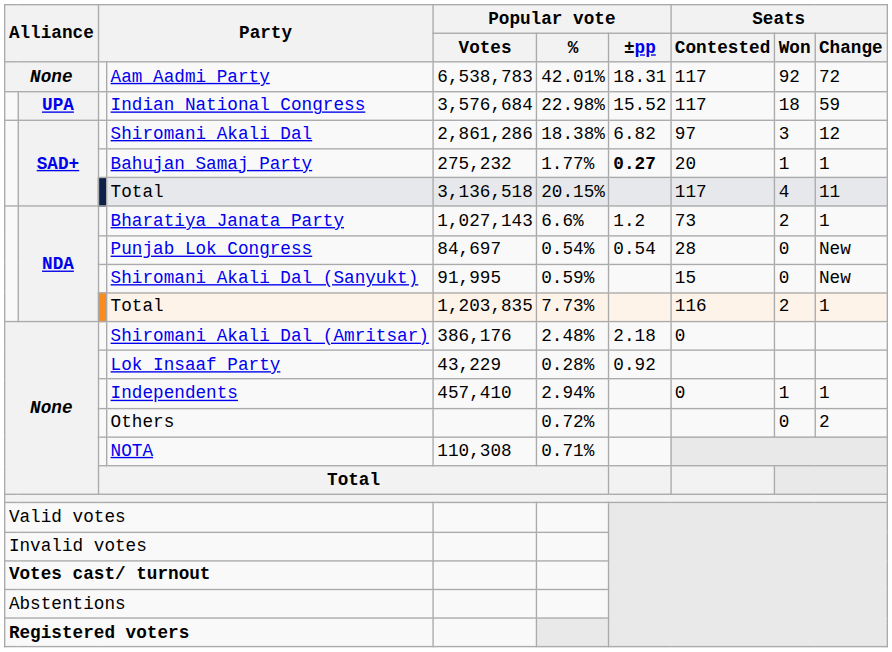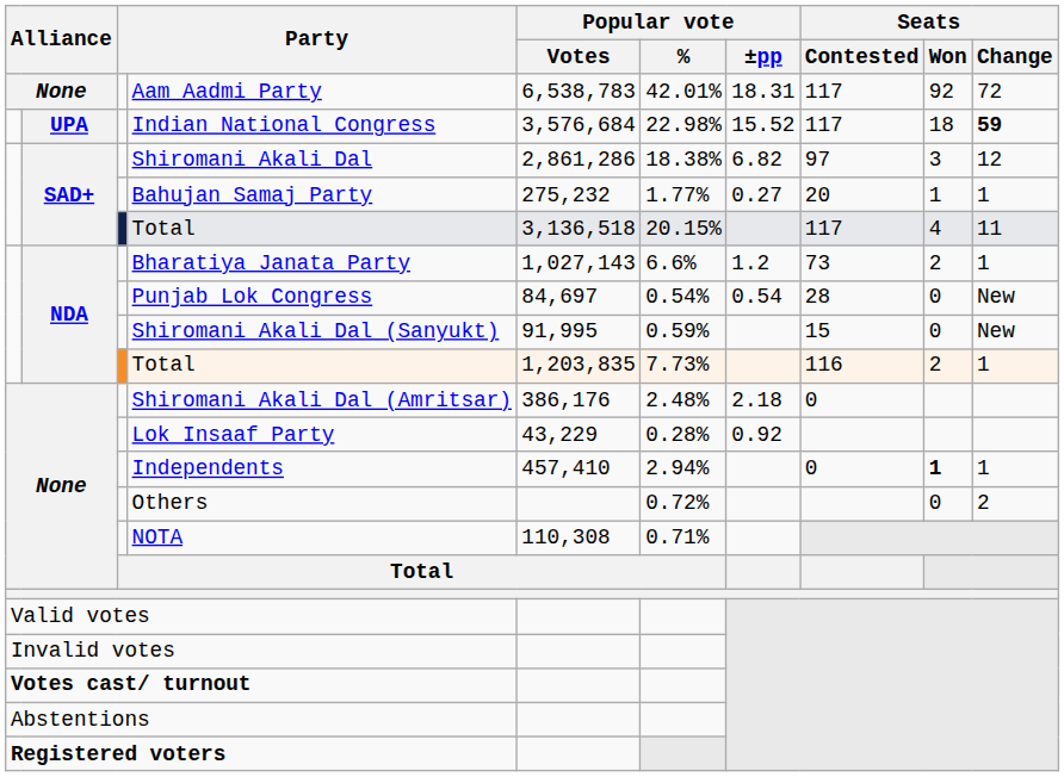 <table class="wikitable sortable">
 <tr>
 <th colspan="2" rowspan="2">Alliance</th>
 <th colspan="2" rowspan="2">Party</th>
 <th colspan="3">Popular vote</th>
 <th colspan="3">Seats</th>
 </tr>
 <tr>
 <th>Votes</th>
 <th>%</th>
 <th>±<a href='#'>pp</a></th>
 <th>Contested</th>
 <th>Won </th>
 <th>Change</th>
 </tr>
 <tr>
 <th colspan="2"><em>None</em></th>
 <td></td>
 <td><a href='#'>Aam Aadmi Party</a> </td>
 <td>6,538,783</td>
 <td>42.01%</td>
 <td>18.31</td>
 <td>117</td>
 <td>92</td>
 <td> 72</td>
 </tr>
 <tr>
 <td></td>
 <th><a href='#'>UPA</a></th>
 <td></td>
 <td><a href='#'>Indian National Congress</a></td>
 <td>3,576,684</td>
 <td>22.98%</td>
 <td>15.52</td>
 <td>117</td>
 <td>18</td>
-<td> 59</td>
+<td><strong> 59</strong></td>
 </tr>
 <tr>
 <td rowspan="3"></td>
 <th rowspan="3"><a href='#'>SAD+</a></th>
 <td></td>
 <td><a href='#'>Shiromani Akali Dal</a></td>
 <td>2,861,286</td>
 <td>18.38%</td>
 <td>6.82</td>
 <td>97</td>
 <td>3</td>
 <td> 12</td>
 </tr>
 <tr>
 <td></td>
 <td><a href='#'>Bahujan Samaj Party</a></td>
 <td>275,232</td>
 <td>1.77%</td>
-<td><strong>0.27</strong></td>
+<td>0.27</td>
 <td>20</td>
 <td>1</td>
 <td> 1</td>
 </tr>
 <tr>
 <td style="background:#0F204A"></td>
 <td style="background:#e7e8ec">Total</td>
 <td style="background:#e7e8ec">3,136,518</td>
 <td style="background:#e7e8ec">20.15%</td>
 <td style="background:#e7e8ec"></td>
 <td style="background:#e7e8ec">117</td>
 <td style="background:#e7e8ec">4</td>
 <td style="background:#e7e8ec"> 11</td>
 </tr>
 <tr>
 <td rowspan="4"></td>
 <th rowspan="4"><a href='#'>NDA</a></th>
 <td></td>
 <td><a href='#'>Bharatiya Janata Party</a> </td>
 <td>1,027,143</td>
 <td>6.6%</td>
 <td>1.2</td>
 <td>73</td>
 <td>2</td>
 <td> 1</td>
 </tr>
 <tr>
 <td></td>
 <td><a href='#'>Punjab Lok Congress</a></td>
 <td>84,697</td>
 <td>0.54%</td>
 <td>0.54</td>
 <td>28</td>
 <td>0</td>
 <td>New</td>
 </tr>
 <tr>
 <td></td>
 <td><a href='#'>Shiromani Akali Dal (Sanyukt)</a></td>
 <td>91,995</td>
 <td>0.59%</td>
 <td></td>
 <td>15</td>
 <td>0</td>
 <td>New</td>
 </tr>
 <tr>
 <td style="background:#F98C1F"></td>
 <td style="background:#fef3e8">Total</td>
 <td style="background:#fef3e8">1,203,835</td>
 <td style="background:#fef3e8">7.73%</td>
 <td style="background:#fef3e8"></td>
 <td style="background:#fef3e8">116</td>
 <td style="background:#fef3e8">2</td>
 <td style="background:#fef3e8"> 1</td>
 </tr>
 <tr>
 <th colspan="2" rowspan="6"><em>None</em></th>
 <td></td>
 <td><a href='#'>Shiromani Akali Dal (Amritsar)</a></td>
 <td>386,176</td>
 <td>2.48%</td>
 <td>2.18</td>
 <td>0</td>
 <td></td>
 <td></td>
 </tr>
 <tr>
 <td></td>
 <td><a href='#'>Lok Insaaf Party</a></td>
 <td>43,229</td>
 <td>0.28%</td>
 <td>0.92</td>
 <td></td>
 <td></td>
 <td></td>
 </tr>
 <tr>
 <td></td>
 <td><a href='#'>Independents</a></td>
 <td>457,410</td>
 <td>2.94%</td>
 <td></td>
 <td>0</td>
-<td>1</td>
+<td><strong>1</strong></td>
 <td> 1</td>
 </tr>
 <tr>
 <td></td>
 <td>Others</td>
 <td></td>
 <td>0.72%</td>
 <td></td>
 <td></td>
 <td>0</td>
 <td> 2</td>
 </tr>
 <tr>
 <td></td>
 <td><a href='#'>NOTA</a></td>
 <td>110,308</td>
 <td>0.71%</td>
 <td></td>
 <th colspan=3 style="background-color:#E9E9E9"></th>
 </tr>
 <tr>
 <th colspan = 4>Total</th>
 <th></th>
 <th></th>
 <th colspan="5" style="background-color:#E9E9E9"></th>
 </tr>
 <tr>
 <th colspan="10"></th>
 </tr>
 <tr>
 <td style="text-align:left;" colspan="4">Valid votes</td>
 <td align="right"></td>
 <td align="right"></td>
 <th colspan="4" rowspan="5" style="background-color:#E9E9E9"></th>
 </tr>
 <tr>
 <td style="text-align:left;" colspan="4">Invalid votes</td>
 <td align="right"></td>
 <td align="right"></td>
 </tr>
 <tr>
 <td style="text-align:left;" colspan="4"><strong>Votes cast/ turnout</strong></td>
 <td align="right"></td>
 <td align="right"></td>
 </tr>
 <tr>
 <td style="text-align:left;" colspan="4">Abstentions</td>
 <td align="right"></td>
 <td align="right"></td>
 </tr>
 <tr>
 <td style="text-align:left;" colspan="4"><strong>Registered voters</strong></td>
 <td align="right"></td>
 <td style="background-color:#E9E9E9"></td>
 </tr>
 </table>
